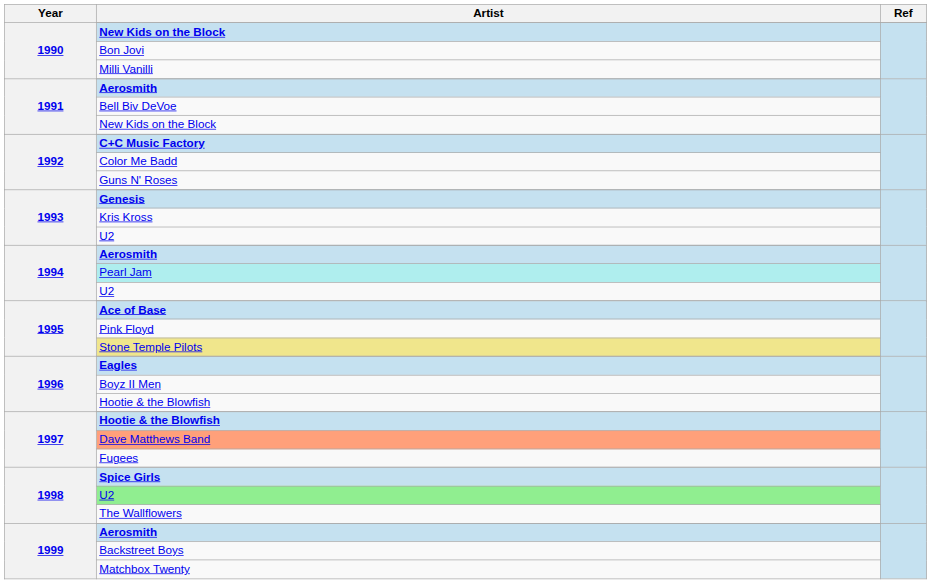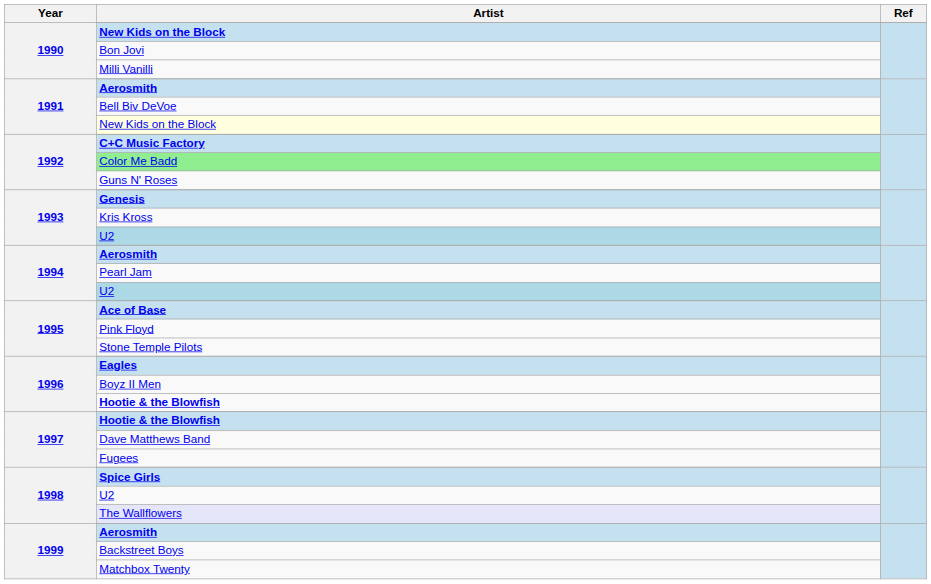 <table class="wikitable" width="100%">
 <tr>
 <th width="10%">Year</th>
 <th width="85%">Artist</th>
 <th width="5%">Ref</th>
 </tr>
 <tr>
 <th rowspan="4" align="center"><a href='#'>1990<br></a></th>
 </tr>
 <tr style="background:#c5e1f0">
 <td><strong><a href='#'>New Kids on the Block</a></strong></td>
 <td rowspan="4" align="center"></td>
 </tr>
 <tr>
 <td><a href='#'>Bon Jovi</a></td>
 </tr>
 <tr>
 <td><a href='#'>Milli Vanilli</a></td>
 </tr>
 <tr>
 <th rowspan="4" align="center"><a href='#'>1991<br></a></th>
 </tr>
 <tr style="background:#c5e1f0">
 <td><strong><a href='#'>Aerosmith</a></strong></td>
 <td rowspan="4" align="center"></td>
 </tr>
 <tr>
 <td><a href='#'>Bell Biv DeVoe</a></td>
 </tr>
 <tr>
-<td><a href='#'>New Kids on the Block</a></td>
+<td style="background: lightyellow;"><a href='#'>New Kids on the Block</a></td>
 </tr>
 <tr>
 <th rowspan="4" align="center"><a href='#'>1992<br></a></th>
 </tr>
 <tr style="background:#c5e1f0">
 <td><strong><a href='#'>C+C Music Factory</a></strong></td>
 <td rowspan="4" align="center"></td>
 </tr>
 <tr>
-<td><a href='#'>Color Me Badd</a></td>
+<td style="background: lightgreen;"><a href='#'>Color Me Badd</a></td>
 </tr>
 <tr>
 <td><a href='#'>Guns N' Roses</a></td>
 </tr>
 <tr>
 <th rowspan="4" align="center"><a href='#'>1993<br></a></th>
 </tr>
 <tr style="background:#c5e1f0">
 <td><strong><a href='#'>Genesis</a></strong></td>
 <td rowspan="4" align="center"></td>
 </tr>
 <tr>
 <td><a href='#'>Kris Kross</a></td>
 </tr>
 <tr>
-<td><a href='#'>U2</a></td>
+<td style="background: lightblue;"><a href='#'>U2</a></td>
 </tr>
 <tr>
 <th rowspan="4" align="center"><a href='#'>1994<br></a></th>
 </tr>
 <tr style="background:#c5e1f0">
 <td><strong><a href='#'>Aerosmith</a></strong></td>
 <td rowspan="4" align="center"></td>
 </tr>
 <tr>
-<td style="background: paleturquoise;"><a href='#'>Pearl Jam</a></td>
+<td><a href='#'>Pearl Jam</a></td>
 </tr>
 <tr>
-<td><a href='#'>U2</a></td>
+<td style="background: lightblue;"><a href='#'>U2</a></td>
 </tr>
 <tr>
 <th rowspan="4" align="center"><a href='#'>1995<br></a></th>
 </tr>
 <tr style="background:#c5e1f0">
 <td><strong><a href='#'>Ace of Base</a></strong></td>
 <td rowspan="4" align="center"></td>
 </tr>
 <tr>
 <td><a href='#'>Pink Floyd</a></td>
 </tr>
 <tr>
-<td style="background: khaki;"><a href='#'>Stone Temple Pilots</a></td>
+<td><a href='#'>Stone Temple Pilots</a></td>
 </tr>
 <tr>
 <th rowspan="4" align="center"><a href='#'>1996<br></a></th>
 </tr>
 <tr style="background:#c5e1f0">
 <td><strong><a href='#'>Eagles</a></strong></td>
 <td rowspan="4" align="center"></td>
 </tr>
 <tr>
 <td><a href='#'>Boyz II Men</a></td>
 </tr>
 <tr>
-<td><a href='#'>Hootie & the Blowfish</a></td>
+<td><strong><a href='#'>Hootie & the Blowfish</a></strong></td>
 </tr>
 <tr>
 <th rowspan="4" align="center"><a href='#'>1997<br></a></th>
 </tr>
 <tr style="background:#c5e1f0">
 <td><strong><a href='#'>Hootie & the Blowfish</a></strong></td>
 <td rowspan="4" align="center"></td>
 </tr>
 <tr>
-<td style="background: lightsalmon;"><a href='#'>Dave Matthews Band</a></td>
+<td><a href='#'>Dave Matthews Band</a></td>
 </tr>
 <tr>
 <td><a href='#'>Fugees</a></td>
 </tr>
 <tr>
 <th rowspan="4" align="center"><a href='#'>1998<br></a></th>
 </tr>
 <tr style="background:#c5e1f0">
 <td><strong><a href='#'>Spice Girls</a></strong></td>
 <td rowspan="4" align="center"></td>
 </tr>
 <tr>
-<td style="background: lightgreen;"><a href='#'>U2</a></td>
+<td><a href='#'>U2</a></td>
 </tr>
 <tr>
-<td><a href='#'>The Wallflowers</a></td>
+<td style="background: lavender;"><a href='#'>The Wallflowers</a></td>
 </tr>
 <tr>
 <th rowspan="4" align="center"><a href='#'>1999<br></a></th>
 </tr>
 <tr style="background:#c5e1f0">
 <td><strong><a href='#'>Aerosmith</a></strong></td>
 <td rowspan="4" align="center"></td>
 </tr>
 <tr>
 <td><a href='#'>Backstreet Boys</a></td>
 </tr>
 <tr>
 <td><a href='#'>Matchbox Twenty</a></td>
 </tr>
 </table>
